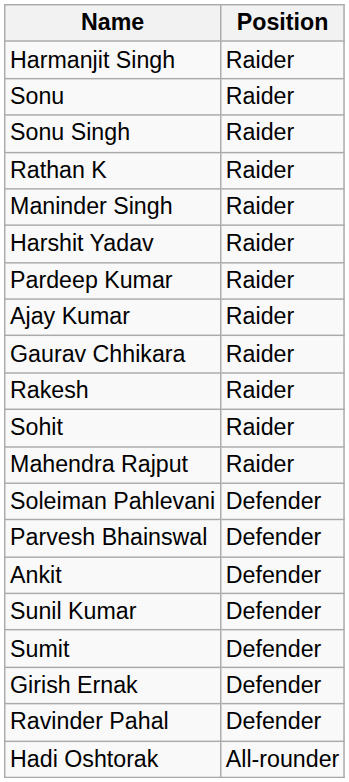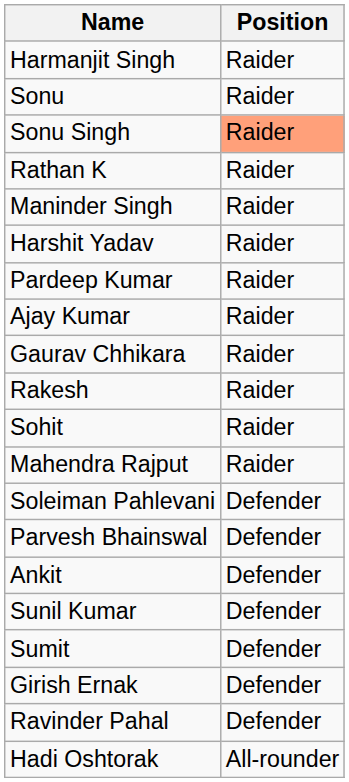 <table class="wikitable">
 <tr>
 <th>Name</th>
 <th>Position</th>
 </tr>
 <tr>
 <td>Harmanjit Singh</td>
 <td>Raider</td>
 </tr>
 <tr>
 <td>Sonu</td>
 <td>Raider</td>
 </tr>
 <tr>
 <td>Sonu Singh</td>
-<td>Raider</td>
+<td style="background: lightsalmon;">Raider</td>
 </tr>
 <tr>
 <td>Rathan K</td>
 <td>Raider</td>
 </tr>
 <tr>
 <td>Maninder Singh</td>
 <td>Raider</td>
 </tr>
 <tr>
 <td>Harshit Yadav</td>
 <td>Raider</td>
 </tr>
 <tr>
 <td>Pardeep Kumar</td>
 <td>Raider</td>
 </tr>
 <tr>
 <td>Ajay Kumar</td>
 <td>Raider</td>
 </tr>
 <tr>
 <td>Gaurav Chhikara</td>
 <td>Raider</td>
 </tr>
 <tr>
 <td>Rakesh</td>
 <td>Raider</td>
 </tr>
 <tr>
 <td>Sohit</td>
 <td>Raider</td>
 </tr>
 <tr>
 <td>Mahendra Rajput</td>
 <td>Raider</td>
 </tr>
 <tr>
 <td>Soleiman Pahlevani</td>
 <td>Defender</td>
 </tr>
 <tr>
 <td>Parvesh Bhainswal</td>
 <td>Defender</td>
 </tr>
 <tr>
 <td>Ankit</td>
 <td>Defender</td>
 </tr>
 <tr>
 <td>Sunil Kumar</td>
 <td>Defender</td>
 </tr>
 <tr>
 <td>Sumit</td>
 <td>Defender</td>
 </tr>
 <tr>
 <td>Girish Ernak</td>
 <td>Defender</td>
 </tr>
 <tr>
 <td>Ravinder Pahal</td>
 <td>Defender</td>
 </tr>
 <tr>
 <td>Hadi Oshtorak</td>
 <td>All-rounder</td>
 </tr>
 <tr>
 </tr>
 </table>
